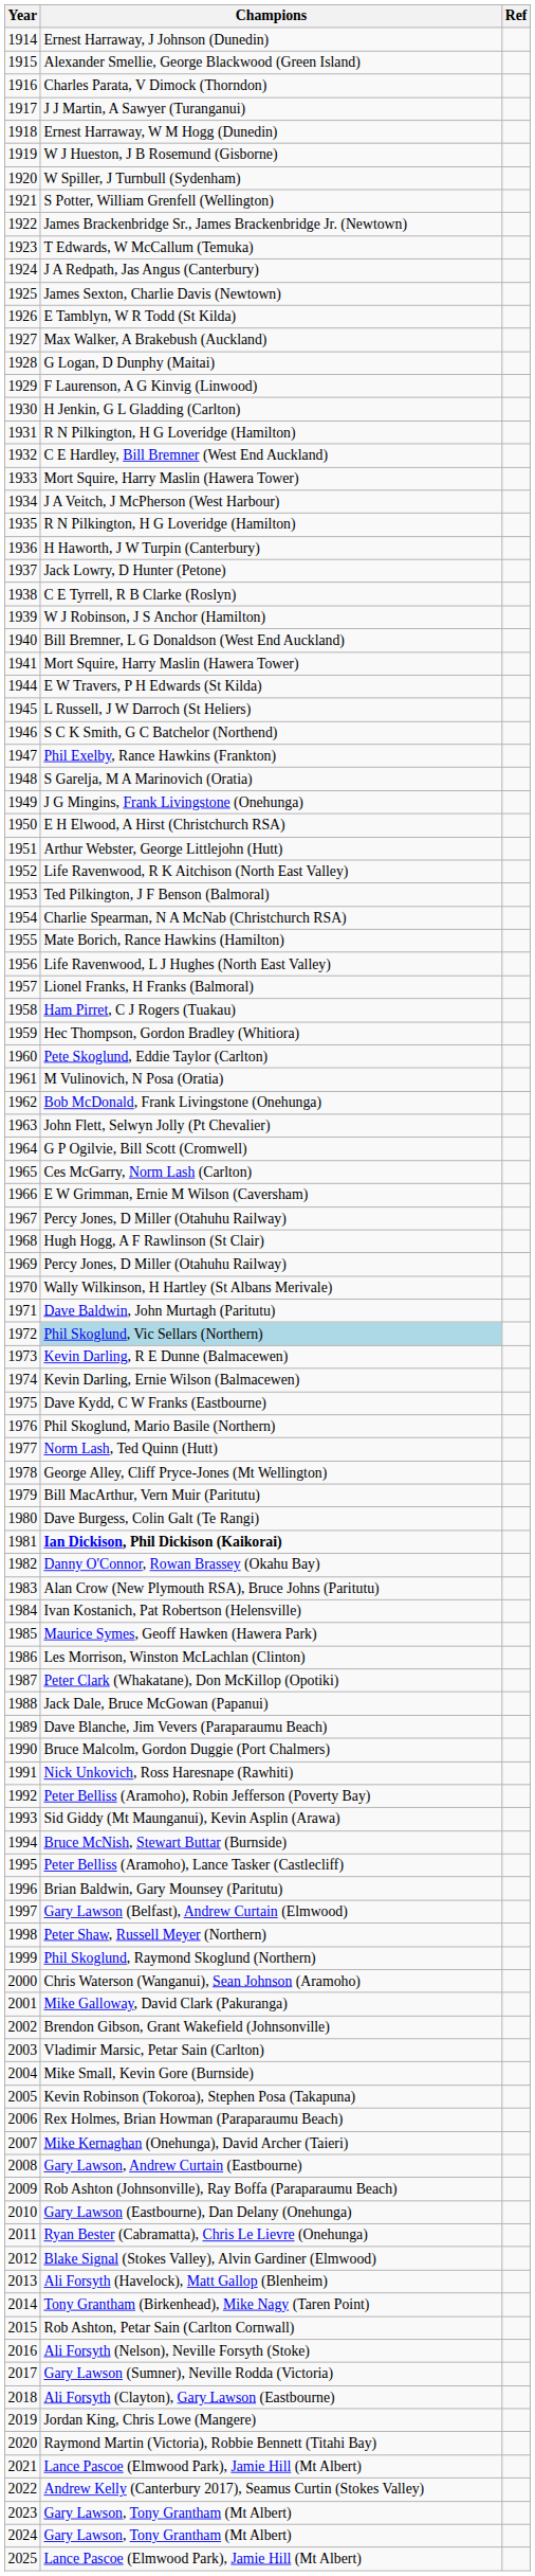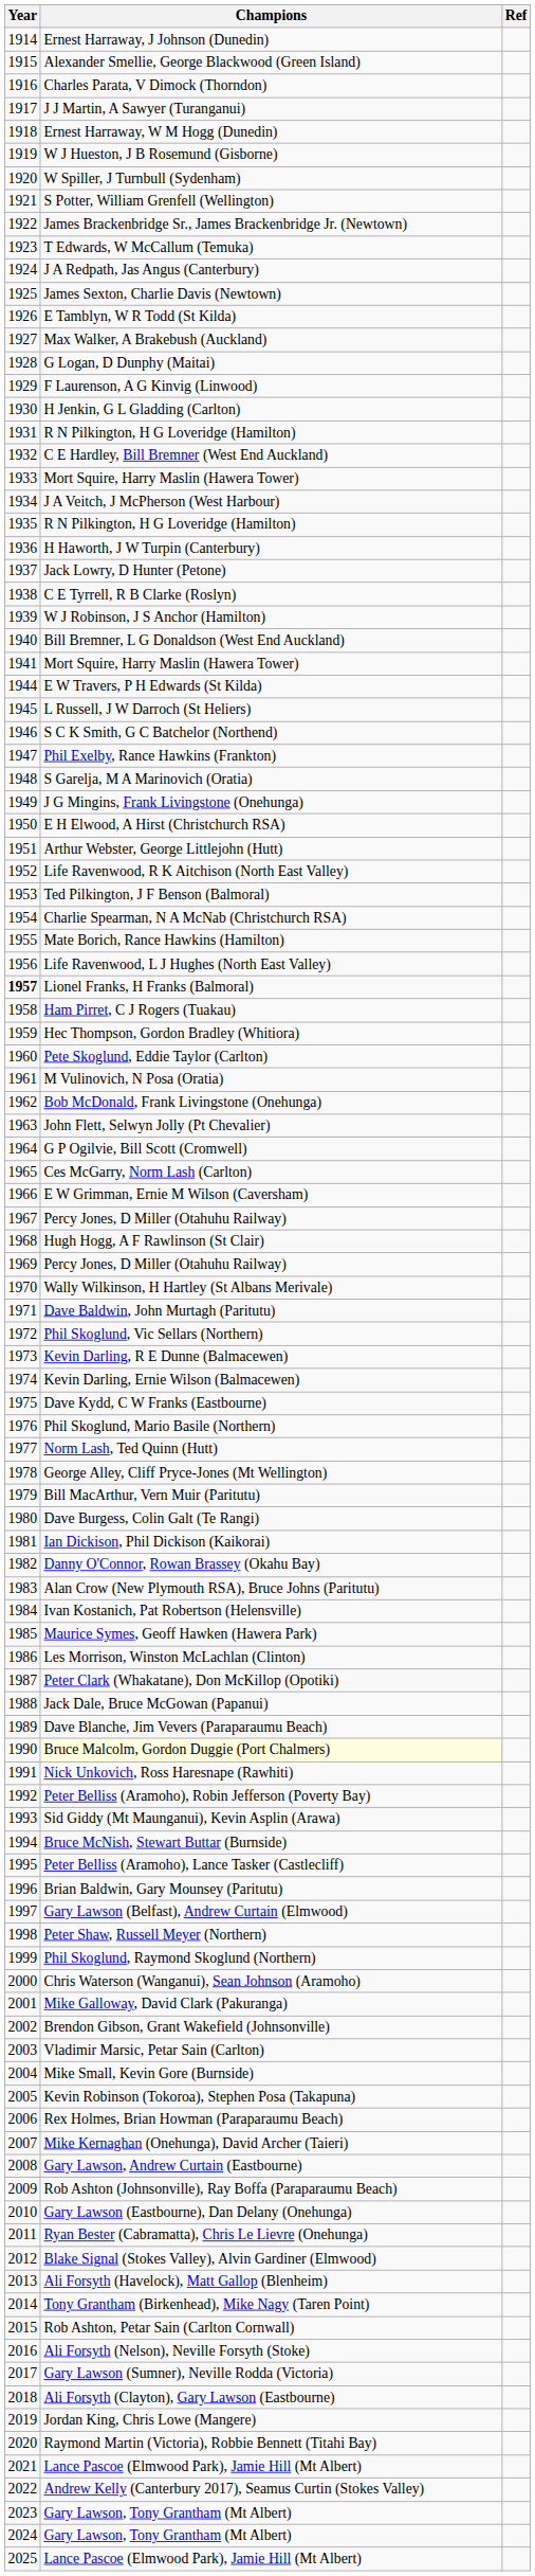 <table class="sortable wikitable">
 <tr>
 <th width="30">Year</th>
 <th width="500">Champions</th>
 <th width="20">Ref</th>
 </tr>
 <tr>
 <td align=center>1914</td>
 <td>Ernest Harraway, J Johnson (Dunedin)</td>
 <td></td>
 </tr>
 <tr>
 <td align=center>1915</td>
 <td>Alexander Smellie, George Blackwood (Green Island)</td>
 <td></td>
 </tr>
 <tr>
 <td align=center>1916</td>
 <td>Charles Parata, V Dimock (Thorndon)</td>
 <td></td>
 </tr>
 <tr>
 <td align=center>1917</td>
 <td>J J Martin, A Sawyer (Turanganui)</td>
 <td></td>
 </tr>
 <tr>
 <td align=center>1918</td>
 <td>Ernest Harraway, W M Hogg (Dunedin)</td>
 <td></td>
 </tr>
 <tr>
 <td align=center>1919</td>
 <td>W J Hueston, J B Rosemund (Gisborne)</td>
 <td></td>
 </tr>
 <tr>
 <td align=center>1920</td>
 <td>W Spiller, J Turnbull (Sydenham)</td>
 <td></td>
 </tr>
 <tr>
 <td align=center>1921</td>
 <td>S Potter, William Grenfell (Wellington)</td>
 <td></td>
 </tr>
 <tr>
 <td align=center>1922</td>
 <td>James Brackenbridge Sr., James Brackenbridge Jr. (Newtown)</td>
 <td></td>
 </tr>
 <tr>
 <td align=center>1923</td>
 <td>T Edwards, W McCallum (Temuka)</td>
 <td></td>
 </tr>
 <tr>
 <td align=center>1924</td>
 <td>J A Redpath, Jas Angus (Canterbury)</td>
 <td></td>
 </tr>
 <tr>
 <td align=center>1925</td>
 <td>James Sexton, Charlie Davis (Newtown)</td>
 <td></td>
 </tr>
 <tr>
 <td align=center>1926</td>
 <td>E Tamblyn, W R Todd (St Kilda)</td>
 <td></td>
 </tr>
 <tr>
 <td align=center>1927</td>
 <td>Max Walker, A Brakebush (Auckland)</td>
 <td></td>
 </tr>
 <tr>
 <td align=center>1928</td>
 <td>G Logan, D Dunphy (Maitai)</td>
 <td></td>
 </tr>
 <tr>
 <td align=center>1929</td>
 <td>F Laurenson, A G Kinvig (Linwood)</td>
 <td></td>
 </tr>
 <tr>
 <td align=center>1930</td>
 <td>H Jenkin, G L Gladding (Carlton)</td>
 <td></td>
 </tr>
 <tr>
 <td align=center>1931</td>
 <td>R N Pilkington, H G Loveridge (Hamilton)</td>
 <td></td>
 </tr>
 <tr>
 <td align=center>1932</td>
 <td>C E Hardley, <a href='#'>Bill Bremner</a> (West End Auckland)</td>
 <td></td>
 </tr>
 <tr>
 <td align=center>1933</td>
 <td>Mort Squire, Harry Maslin (Hawera Tower)</td>
 <td></td>
 </tr>
 <tr>
 <td align=center>1934</td>
 <td>J A Veitch, J McPherson (West Harbour)</td>
 <td></td>
 </tr>
 <tr>
 <td align=center>1935</td>
 <td>R N Pilkington, H G Loveridge (Hamilton)</td>
 <td></td>
 </tr>
 <tr>
 <td align=center>1936</td>
 <td>H Haworth, J W Turpin (Canterbury)</td>
 <td></td>
 </tr>
 <tr>
 <td align=center>1937</td>
 <td>Jack Lowry, D Hunter (Petone)</td>
 <td></td>
 </tr>
 <tr>
 <td align=center>1938</td>
 <td>C E Tyrrell, R B Clarke (Roslyn)</td>
 <td></td>
 </tr>
 <tr>
 <td align=center>1939</td>
 <td>W J Robinson, J S Anchor (Hamilton)</td>
 <td></td>
 </tr>
 <tr>
 <td align=center>1940</td>
 <td>Bill Bremner, L G Donaldson (West End Auckland)</td>
 <td></td>
 </tr>
 <tr>
 <td align=center>1941</td>
 <td>Mort Squire, Harry Maslin (Hawera Tower)</td>
 <td></td>
 </tr>
 <tr>
 <td align=center>1944</td>
 <td>E W Travers, P H Edwards (St Kilda)</td>
 <td></td>
 </tr>
 <tr>
 <td align=center>1945</td>
 <td>L Russell, J W Darroch (St Heliers)</td>
 <td></td>
 </tr>
 <tr>
 <td align=center>1946</td>
 <td>S C K Smith, G C Batchelor (Northend)</td>
 <td></td>
 </tr>
 <tr>
 <td align=center>1947</td>
 <td><a href='#'>Phil Exelby</a>, Rance Hawkins (Frankton)</td>
 <td></td>
 </tr>
 <tr>
 <td align=center>1948</td>
 <td>S Garelja, M A Marinovich (Oratia)</td>
 <td></td>
 </tr>
 <tr>
 <td align=center>1949</td>
 <td>J G Mingins, <a href='#'>Frank Livingstone</a> (Onehunga)</td>
 <td></td>
 </tr>
 <tr>
 <td align=center>1950</td>
 <td>E H Elwood, A Hirst (Christchurch RSA)</td>
 <td></td>
 </tr>
 <tr>
 <td align=center>1951</td>
 <td>Arthur Webster, George Littlejohn (Hutt)</td>
 <td></td>
 </tr>
 <tr>
 <td align=center>1952</td>
 <td>Life Ravenwood, R K Aitchison (North East Valley)</td>
 <td></td>
 </tr>
 <tr>
 <td align=center>1953</td>
 <td>Ted Pilkington, J F Benson (Balmoral)</td>
 <td></td>
 </tr>
 <tr>
 <td align=center>1954</td>
 <td>Charlie Spearman, N A McNab (Christchurch RSA)</td>
 <td></td>
 </tr>
 <tr>
 <td align=center>1955</td>
 <td>Mate Borich, Rance Hawkins (Hamilton)</td>
 <td></td>
 </tr>
 <tr>
 <td align=center>1956</td>
 <td>Life Ravenwood, L J Hughes (North East Valley)</td>
 <td></td>
 </tr>
 <tr>
-<td align=center>1957</td>
+<td align=center><strong>1957</strong></td>
 <td>Lionel Franks, H Franks (Balmoral)</td>
 <td></td>
 </tr>
 <tr>
 <td align=center>1958</td>
 <td><a href='#'>Ham Pirret</a>, C J Rogers (Tuakau)</td>
 <td></td>
 </tr>
 <tr>
 <td align=center>1959</td>
 <td>Hec Thompson, Gordon Bradley (Whitiora)</td>
 <td></td>
 </tr>
 <tr>
 <td align=center>1960</td>
 <td><a href='#'>Pete Skoglund</a>, Eddie Taylor (Carlton)</td>
 <td></td>
 </tr>
 <tr>
 <td align=center>1961</td>
 <td>M Vulinovich, N Posa (Oratia)</td>
 <td></td>
 </tr>
 <tr>
 <td align=center>1962</td>
 <td><a href='#'>Bob McDonald</a>, Frank Livingstone (Onehunga)</td>
 <td></td>
 </tr>
 <tr>
 <td align=center>1963</td>
 <td>John Flett, Selwyn Jolly (Pt Chevalier)</td>
 <td></td>
 </tr>
 <tr>
 <td align=center>1964</td>
 <td>G P Ogilvie, Bill Scott (Cromwell)</td>
 <td></td>
 </tr>
 <tr>
 <td align=center>1965</td>
 <td>Ces McGarry, <a href='#'>Norm Lash</a> (Carlton)</td>
 <td></td>
 </tr>
 <tr>
 <td align=center>1966</td>
 <td>E W Grimman, Ernie M Wilson (Caversham)</td>
 <td></td>
 </tr>
 <tr>
 <td align=center>1967</td>
 <td>Percy Jones, D Miller (Otahuhu Railway)</td>
 <td></td>
 </tr>
 <tr>
 <td align=center>1968</td>
 <td>Hugh Hogg, A F Rawlinson (St Clair)</td>
 <td></td>
 </tr>
 <tr>
 <td align=center>1969</td>
 <td>Percy Jones, D Miller (Otahuhu Railway)</td>
 <td></td>
 </tr>
 <tr>
 <td align=center>1970</td>
 <td>Wally Wilkinson, H Hartley (St Albans Merivale)</td>
 <td></td>
 </tr>
 <tr>
 <td align=center>1971</td>
 <td><a href='#'>Dave Baldwin</a>, John Murtagh (Paritutu)</td>
 <td></td>
 </tr>
 <tr>
 <td align=center>1972</td>
-<td style="background: lightblue;"><a href='#'>Phil Skoglund</a>, Vic Sellars (Northern)</td>
+<td><a href='#'>Phil Skoglund</a>, Vic Sellars (Northern)</td>
 <td></td>
 </tr>
 <tr>
 <td align=center>1973</td>
 <td><a href='#'>Kevin Darling</a>, R E Dunne (Balmacewen)</td>
 <td></td>
 </tr>
 <tr>
 <td align=center>1974</td>
 <td>Kevin Darling, Ernie Wilson (Balmacewen)</td>
 <td></td>
 </tr>
 <tr>
 <td align=center>1975</td>
 <td>Dave Kydd, C W Franks (Eastbourne)</td>
 <td></td>
 </tr>
 <tr>
 <td align=center>1976</td>
 <td>Phil Skoglund, Mario Basile (Northern)</td>
 <td></td>
 </tr>
 <tr>
 <td align=center>1977</td>
 <td><a href='#'>Norm Lash</a>, Ted Quinn (Hutt)</td>
 <td></td>
 </tr>
 <tr>
 <td align=center>1978</td>
 <td>George Alley, Cliff Pryce-Jones (Mt Wellington)</td>
 <td></td>
 </tr>
 <tr>
 <td align=center>1979</td>
 <td>Bill MacArthur, Vern Muir (Paritutu)</td>
 <td></td>
 </tr>
 <tr>
 <td align=center>1980</td>
 <td>Dave Burgess, Colin Galt (Te Rangi)</td>
 <td></td>
 </tr>
 <tr>
 <td align=center>1981</td>
-<td><strong><a href='#'>Ian Dickison</a>, Phil Dickison (Kaikorai)</strong></td>
+<td><a href='#'>Ian Dickison</a>, Phil Dickison (Kaikorai)</td>
 <td></td>
 </tr>
 <tr>
 <td align=center>1982</td>
 <td><a href='#'>Danny O'Connor</a>, <a href='#'>Rowan Brassey</a> (Okahu Bay)</td>
 <td></td>
 </tr>
 <tr>
 <td align=center>1983</td>
 <td>Alan Crow (New Plymouth RSA), Bruce Johns (Paritutu)</td>
 <td></td>
 </tr>
 <tr>
 <td align=center>1984</td>
 <td>Ivan Kostanich, Pat Robertson (Helensville)</td>
 <td></td>
 </tr>
 <tr>
 <td align=center>1985</td>
 <td><a href='#'>Maurice Symes</a>, Geoff Hawken (Hawera Park)</td>
 <td></td>
 </tr>
 <tr>
 <td align=center>1986</td>
 <td>Les Morrison, Winston McLachlan (Clinton)</td>
 <td></td>
 </tr>
 <tr>
 <td align=center>1987</td>
 <td><a href='#'>Peter Clark</a> (Whakatane), Don McKillop (Opotiki)</td>
 <td></td>
 </tr>
 <tr>
 <td align=center>1988</td>
 <td>Jack Dale, Bruce McGowan (Papanui)</td>
 <td></td>
 </tr>
 <tr>
 <td align=center>1989</td>
 <td>Dave Blanche, Jim Vevers (Paraparaumu Beach)</td>
 <td></td>
 </tr>
 <tr>
 <td align=center>1990</td>
-<td>Bruce Malcolm, Gordon Duggie (Port Chalmers)</td>
+<td style="background: lightyellow;">Bruce Malcolm, Gordon Duggie (Port Chalmers)</td>
 <td></td>
 </tr>
 <tr>
 <td align=center>1991</td>
 <td><a href='#'>Nick Unkovich</a>, Ross Haresnape (Rawhiti)</td>
 <td></td>
 </tr>
 <tr>
 <td align=center>1992</td>
 <td><a href='#'>Peter Belliss</a> (Aramoho), Robin Jefferson (Poverty Bay)</td>
 <td></td>
 </tr>
 <tr>
 <td align=center>1993</td>
 <td>Sid Giddy (Mt Maunganui), Kevin Asplin (Arawa)</td>
 <td></td>
 </tr>
 <tr>
 <td align=center>1994</td>
 <td><a href='#'>Bruce McNish</a>, <a href='#'>Stewart Buttar</a> (Burnside)</td>
 <td></td>
 </tr>
 <tr>
 <td align=center>1995</td>
 <td><a href='#'>Peter Belliss</a> (Aramoho), Lance Tasker (Castlecliff)</td>
 <td></td>
 </tr>
 <tr>
 <td align=center>1996</td>
 <td>Brian Baldwin, Gary Mounsey (Paritutu)</td>
 <td></td>
 </tr>
 <tr>
 <td align=center>1997</td>
 <td><a href='#'>Gary Lawson</a> (Belfast), <a href='#'>Andrew Curtain</a> (Elmwood)</td>
 <td></td>
 </tr>
 <tr>
 <td align=center>1998</td>
 <td><a href='#'>Peter Shaw</a>, <a href='#'>Russell Meyer</a> (Northern)</td>
 <td></td>
 </tr>
 <tr>
 <td align=center>1999</td>
 <td><a href='#'>Phil Skoglund</a>, Raymond Skoglund (Northern)</td>
 <td></td>
 </tr>
 <tr>
 <td align=center>2000</td>
 <td>Chris Waterson (Wanganui), <a href='#'>Sean Johnson</a> (Aramoho)</td>
 <td></td>
 </tr>
 <tr>
 <td align=center>2001</td>
 <td><a href='#'>Mike Galloway</a>, David Clark (Pakuranga)</td>
 <td></td>
 </tr>
 <tr>
 <td align=center>2002</td>
 <td>Brendon Gibson, Grant Wakefield (Johnsonville)</td>
 <td></td>
 </tr>
 <tr>
 <td align=center>2003</td>
 <td>Vladimir Marsic, Petar Sain (Carlton)</td>
 <td></td>
 </tr>
 <tr>
 <td align=center>2004</td>
 <td>Mike Small, Kevin Gore (Burnside)</td>
 <td></td>
 </tr>
 <tr>
 <td align=center>2005</td>
 <td>Kevin Robinson (Tokoroa), Stephen Posa (Takapuna)</td>
 <td></td>
 </tr>
 <tr>
 <td align=center>2006</td>
 <td>Rex Holmes, Brian Howman (Paraparaumu Beach)</td>
 <td></td>
 </tr>
 <tr>
 <td align=center>2007</td>
 <td><a href='#'>Mike Kernaghan</a> (Onehunga), David Archer (Taieri)</td>
 <td></td>
 </tr>
 <tr>
 <td align=center>2008</td>
 <td><a href='#'>Gary Lawson</a>, <a href='#'>Andrew Curtain</a> (Eastbourne)</td>
 <td></td>
 </tr>
 <tr>
 <td align=center>2009</td>
 <td>Rob Ashton (Johnsonville), Ray Boffa (Paraparaumu Beach)</td>
 <td></td>
 </tr>
 <tr>
 <td align=center>2010</td>
 <td><a href='#'>Gary Lawson</a> (Eastbourne), Dan Delany (Onehunga)</td>
 <td></td>
 </tr>
 <tr>
 <td align=center>2011</td>
 <td><a href='#'>Ryan Bester</a> (Cabramatta), <a href='#'>Chris Le Lievre</a> (Onehunga)</td>
 <td></td>
 </tr>
 <tr>
 <td align=center>2012</td>
 <td><a href='#'>Blake Signal</a> (Stokes Valley), Alvin Gardiner (Elmwood)</td>
 <td></td>
 </tr>
 <tr>
 <td align=center>2013</td>
 <td><a href='#'>Ali Forsyth</a> (Havelock), <a href='#'>Matt Gallop</a> (Blenheim)</td>
 <td></td>
 </tr>
 <tr>
 <td align=center>2014</td>
 <td><a href='#'>Tony Grantham</a> (Birkenhead), <a href='#'>Mike Nagy</a> (Taren Point)</td>
 <td></td>
 </tr>
 <tr>
 <td align=center>2015</td>
 <td>Rob Ashton, Petar Sain (Carlton Cornwall)</td>
 <td></td>
 </tr>
 <tr>
 <td align=center>2016</td>
 <td><a href='#'>Ali Forsyth</a> (Nelson), Neville Forsyth (Stoke)</td>
 <td></td>
 </tr>
 <tr>
 <td align=center>2017</td>
 <td><a href='#'>Gary Lawson</a> (Sumner), Neville Rodda (Victoria)</td>
 <td></td>
 </tr>
 <tr>
 <td align=center>2018</td>
 <td><a href='#'>Ali Forsyth</a> (Clayton), <a href='#'>Gary Lawson</a> (Eastbourne)</td>
 <td></td>
 </tr>
 <tr>
 <td align=center>2019</td>
 <td>Jordan King, Chris Lowe (Mangere)</td>
 <td></td>
 </tr>
 <tr>
 <td align=center>2020</td>
 <td>Raymond Martin (Victoria), Robbie Bennett (Titahi Bay)</td>
 <td></td>
 </tr>
 <tr>
 <td align=center>2021</td>
 <td><a href='#'>Lance Pascoe</a> (Elmwood Park), <a href='#'>Jamie Hill</a> (Mt Albert)</td>
 <td></td>
 </tr>
 <tr>
 <td align=center>2022</td>
 <td><a href='#'>Andrew Kelly</a> (Canterbury 2017), Seamus Curtin (Stokes Valley)</td>
 <td></td>
 </tr>
 <tr>
 <td align=center>2023</td>
 <td><a href='#'>Gary Lawson</a>, <a href='#'>Tony Grantham</a> (Mt Albert)</td>
 <td></td>
 </tr>
 <tr>
 <td align=center>2024</td>
 <td><a href='#'>Gary Lawson</a>, <a href='#'>Tony Grantham</a> (Mt Albert)</td>
 <td></td>
 </tr>
 <tr>
 <td align=center>2025</td>
 <td><a href='#'>Lance Pascoe</a> (Elmwood Park), <a href='#'>Jamie Hill</a> (Mt Albert)</td>
 <td></td>
 </tr>
 </table>
